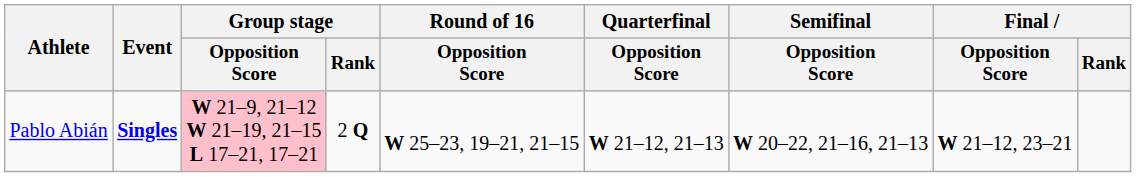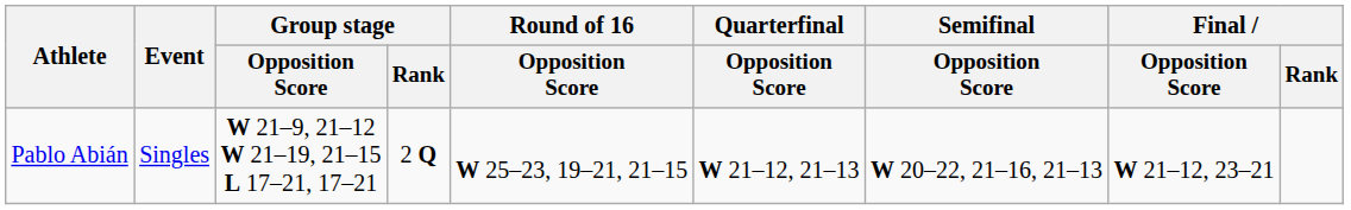 <table class="wikitable" style="font-size:90%">
 <tr>
 <th rowspan=2>Athlete</th>
 <th rowspan=2>Event</th>
 <th colspan=2>Group stage</th>
 <th>Round of 16</th>
 <th>Quarterfinal</th>
 <th>Semifinal</th>
 <th colspan=2>Final / </th>
 </tr>
 <tr style="font-size:95%">
 <th>Opposition<br>Score</th>
 <th>Rank</th>
 <th>Opposition<br>Score</th>
 <th>Opposition<br>Score</th>
 <th>Opposition<br>Score</th>
 <th>Opposition<br>Score</th>
 <th>Rank</th>
 </tr>
 <tr align=center>
 <td align=left><a href='#'>Pablo Abián</a></td>
-<td align=left><strong><a href='#'>Singles</a></strong></td>
-<td style="background: pink;"> <strong>W</strong> 21–9, 21–12<br>  <strong>W</strong> 21–19, 21–15<br> <strong>L</strong> 17–21, 17–21</td>
+<td align=left><a href='#'>Singles</a></td>
+<td> <strong>W</strong> 21–9, 21–12<br>  <strong>W</strong> 21–19, 21–15<br> <strong>L</strong> 17–21, 17–21</td>
 <td>2 <strong>Q</strong></td>
 <td><br><strong>W</strong> 25–23, 19–21, 21–15</td>
 <td><br><strong>W</strong> 21–12, 21–13</td>
 <td><br><strong>W</strong> 20–22, 21–16, 21–13</td>
 <td><br><strong>W</strong> 21–12, 23–21</td>
 <td></td>
 </tr>
 </table>
